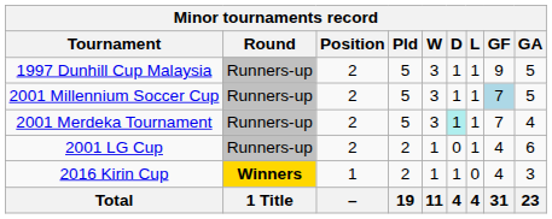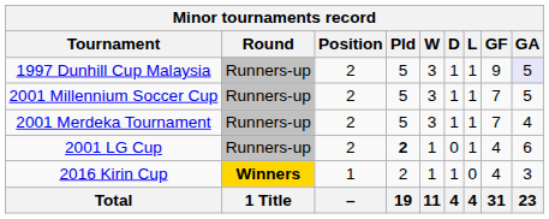 <table class="wikitable" style="text-align:center">
 <tr>
 <th colspan=9>Minor tournaments record</th>
 </tr>
 <tr>
 <th>Tournament</th>
 <th>Round</th>
 <th>Position</th>
 <th>Pld</th>
 <th>W</th>
 <th>D</th>
 <th>L</th>
 <th>GF</th>
 <th>GA</th>
 </tr>
 <tr>
 <td> <a href='#'>1997 Dunhill Cup Malaysia</a></td>
 <td style="background:silver;">Runners-up</td>
 <td>2</td>
 <td>5</td>
 <td>3</td>
 <td>1</td>
 <td>1</td>
 <td>9</td>
-<td>5</td>
+<td style="background: lavender;">5</td>
 </tr>
 <tr>
 <td> <a href='#'>2001 Millennium Soccer Cup</a></td>
 <td style="background:silver;">Runners-up</td>
 <td>2</td>
 <td>5</td>
 <td>3</td>
 <td>1</td>
 <td>1</td>
-<td style="background: lightblue;">7</td>
+<td>7</td>
 <td>5</td>
 </tr>
 <tr>
 <td> <a href='#'>2001 Merdeka Tournament</a></td>
 <td style="background:silver;">Runners-up</td>
 <td>2</td>
 <td>5</td>
 <td>3</td>
-<td style="background: paleturquoise;">1</td>
+<td>1</td>
 <td>1</td>
 <td>7</td>
 <td>4</td>
 </tr>
 <tr>
 <td> <a href='#'>2001 LG Cup</a></td>
 <td style="background:silver;">Runners-up</td>
 <td>2</td>
-<td>2</td>
+<td><strong>2</strong></td>
 <td>1</td>
 <td>0</td>
 <td>1</td>
 <td>4</td>
 <td>6</td>
 </tr>
 <tr>
 <td> <a href='#'>2016 Kirin Cup</a></td>
 <td style="background:gold;"><strong>Winners</strong></td>
 <td>1</td>
 <td>2</td>
 <td>1</td>
 <td>1</td>
 <td>0</td>
 <td>4</td>
 <td>3</td>
 </tr>
 <tr>
 <th>Total</th>
 <th>1 Title</th>
 <th>–</th>
 <th>19</th>
 <th>11</th>
 <th>4</th>
 <th>4</th>
 <th>31</th>
 <th>23</th>
 </tr>
 </table>
